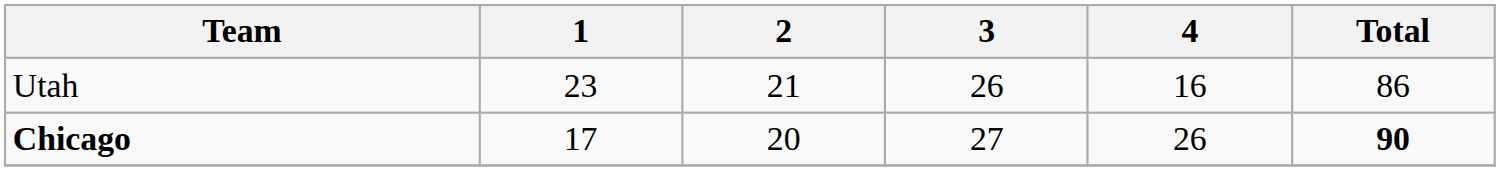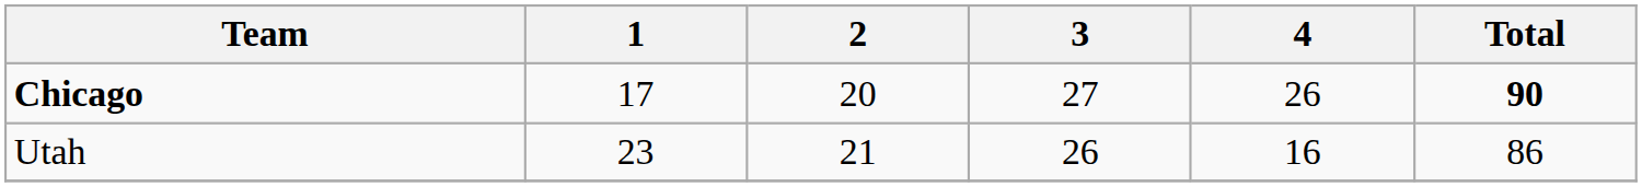 <table class="wikitable">
 <tr style="text-align:center;">
 <th align=left width=14%>Team</th>
 <th width=6%>1</th>
 <th width=6%>2</th>
 <th width=6%>3</th>
 <th width=6%>4</th>
 <th width=6%>Total</th>
 </tr>
 <tr style="text-align:center;">
+<td align=left><strong>Chicago</strong></td>
+<td>17</td>
+<td>20</td>
+<td>27</td>
+<td>26</td>
+<td><strong>90</strong></td>
+</tr>
+<tr style="text-align:center;">
 <td align=left>Utah</td>
 <td>23</td>
 <td>21</td>
 <td>26</td>
 <td>16</td>
 <td>86</td>
 </tr>
 <tr style="text-align:center;">
-<td align=left><strong>Chicago</strong></td>
-<td>17</td>
-<td>20</td>
-<td>27</td>
-<td>26</td>
-<td><strong>90</strong></td>
-</tr>
-<tr style="text-align:center;">
 </tr>
 </table>
